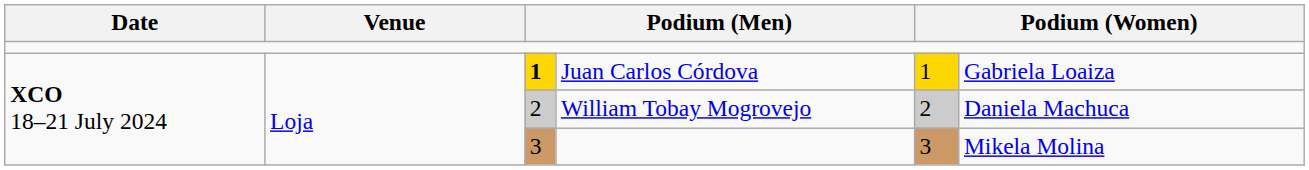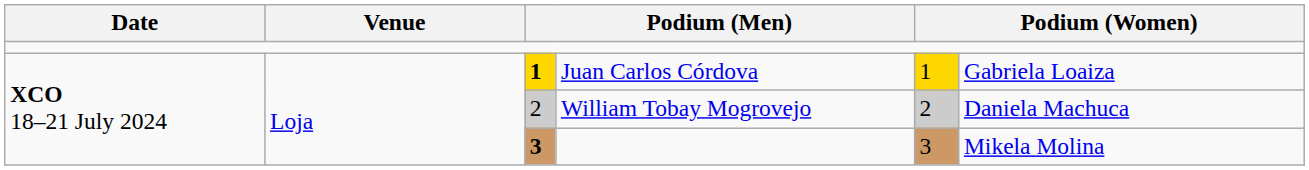 <table class="wikitable" width=70%>
 <tr>
 <th>Date</th>
 <th width=20%>Venue</th>
 <th colspan=2 width=30%>Podium (Men)</th>
 <th colspan=2 width=30%>Podium (Women)</th>
 </tr>
 <tr>
 <td colspan=6></td>
 </tr>
 <tr>
 <td rowspan=3><strong>XCO</strong> <br> 18–21 July 2024</td>
 <td rowspan=3><br><a href='#'>Loja</a></td>
 <td bgcolor=FFD700><strong>1</strong></td>
 <td><a href='#'>Juan Carlos Córdova</a></td>
 <td bgcolor=FFD700>1</td>
 <td><a href='#'>Gabriela Loaiza</a></td>
 </tr>
 <tr>
 <td bgcolor=CCCCCC>2</td>
 <td><a href='#'>William Tobay Mogrovejo</a></td>
 <td bgcolor=CCCCCC>2</td>
 <td><a href='#'>Daniela Machuca</a></td>
 </tr>
 <tr>
-<td bgcolor=CC9966>3</td>
+<td bgcolor=CC9966><strong>3</strong></td>
 <td></td>
 <td bgcolor=CC9966>3</td>
 <td><a href='#'>Mikela Molina</a></td>
 </tr>
 </table>
